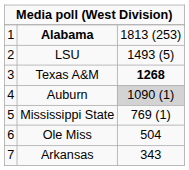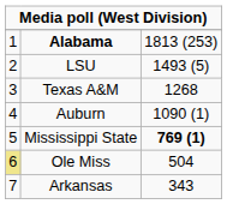 <table class="wikitable" style="display: inline-table;">
 <tr>
 <td align="center" Colspan="3"><strong>Media poll (West Division)</strong></td>
 </tr>
 <tr align="center">
 </tr>
 <tr align="center">
 <td>1</td>
 <td><strong>Alabama</strong></td>
 <td>1813 (253)</td>
 </tr>
 <tr align="center">
 <td>2</td>
 <td>LSU</td>
 <td>1493 (5)</td>
 </tr>
 <tr align="center">
 <td>3</td>
 <td>Texas A&M</td>
-<td><strong>1268</strong></td>
+<td>1268</td>
 </tr>
 <tr align="center">
 <td>4</td>
 <td>Auburn</td>
-<td style="background: lightgrey;">1090 (1)</td>
+<td>1090 (1)</td>
 </tr>
 <tr align="center">
 <td>5</td>
 <td>Mississippi State</td>
-<td>769 (1)</td>
+<td><strong>769 (1)</strong></td>
 </tr>
 <tr align="center">
-<td>6</td>
+<td style="background: khaki;">6</td>
 <td>Ole Miss</td>
 <td>504</td>
 </tr>
 <tr align="center">
 <td>7</td>
 <td>Arkansas</td>
 <td>343</td>
 </tr>
 </table>
